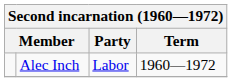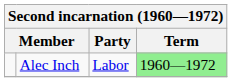 <table class="wikitable">
 <tr>
 <th colspan="4">Second incarnation (1960—1972)</th>
 </tr>
 <tr>
 <th colspan="2">Member</th>
 <th>Party</th>
 <th>Term</th>
 </tr>
 <tr>
 <td> </td>
 <td><a href='#'>Alec Inch</a></td>
 <td><a href='#'>Labor</a></td>
-<td>1960—1972</td>
+<td style="background: lightgreen;">1960—1972</td>
 </tr>
 <tr>
 </tr>
 </table>
